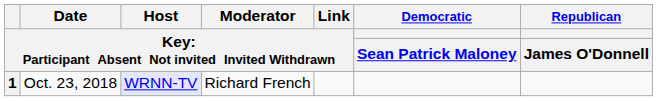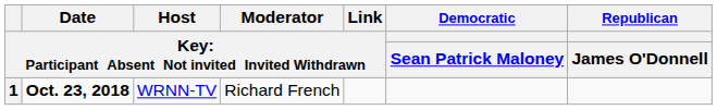 <table class="wikitable" style="text-align:center;">
 <tr>
 <th scope="col"></th>
 <th scope="col">Date</th>
 <th scope="col">Host</th>
 <th scope="col">Moderator</th>
 <th scope="col">Link</th>
 <th scope="col"><small><a href='#'>Democratic</a></small></th>
 <th scope="col"><small><a href='#'>Republican</a></small></th>
 </tr>
 <tr>
 <th colspan="5" rowspan="2">Key:<br> <small>Participant </small>  <small>Absent </small>  <small>Not invited </small>  <small>Invited  Withdrawn</small></th>
 <th scope="col" style="background:"></th>
 <th scope="col" style="background:"></th>
 </tr>
 <tr>
 <th scope="col"><a href='#'>Sean Patrick Maloney</a></th>
 <th scope="col">James O'Donnell</th>
 </tr>
 <tr>
 <th>1</th>
-<td style="white-space:nowrap;">Oct. 23, 2018</td>
-<td style="background: lavender; white-space:nowrap;"><a href='#'>WRNN-TV</a></td>
+<td style="white-space:nowrap;"><strong>Oct. 23, 2018</strong></td>
+<td style="white-space:nowrap;"><a href='#'>WRNN-TV</a></td>
 <td style="white-space:nowrap;">Richard French</td>
 <td style="white-space:nowrap;"></td>
 <td></td>
 <td></td>
 </tr>
 </table>
